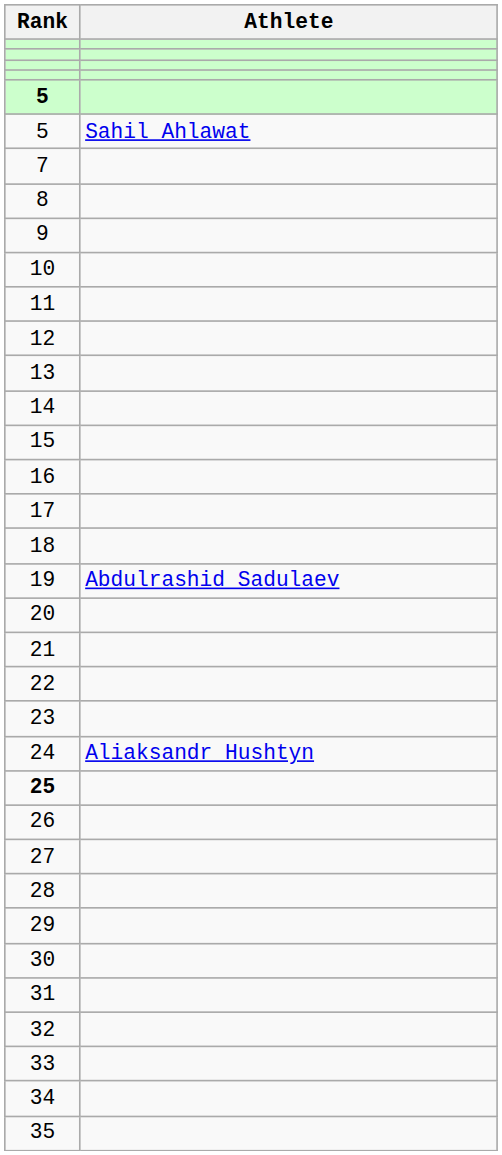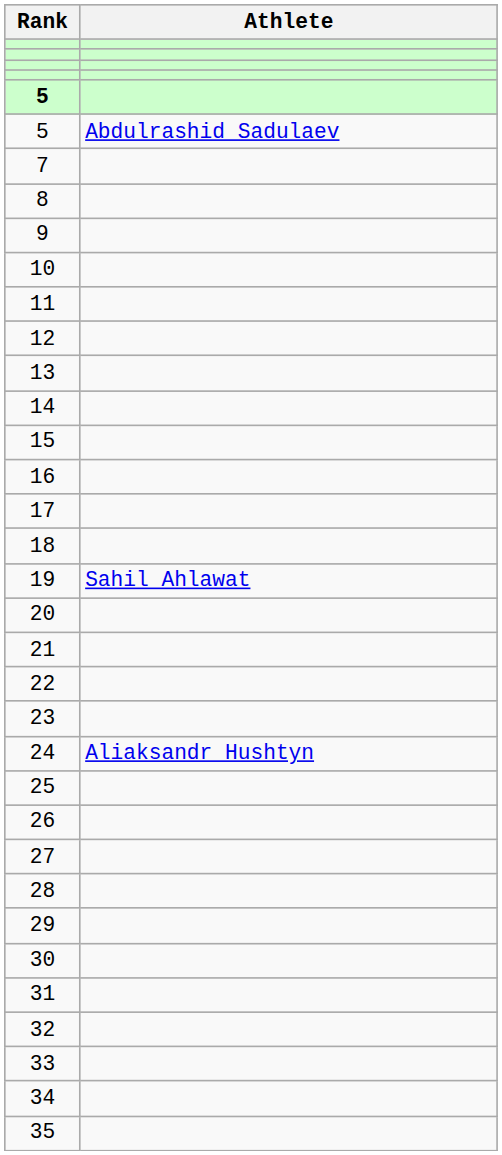 <table class="wikitable" style="text-align: center;">
 <tr>
 <th width=40>Rank</th>
 <th width=250>Athlete</th>
 </tr>
 <tr bgcolor=#ccffcc>
 <td></td>
 <td align="left"></td>
 </tr>
 <tr bgcolor=#ccffcc>
 <td></td>
 <td align="left"></td>
 </tr>
 <tr bgcolor=#ccffcc>
 <td></td>
 <td align="left"></td>
 </tr>
 <tr bgcolor=#ccffcc>
 <td></td>
 <td align="left"></td>
 </tr>
 <tr bgcolor=#ccffcc>
 <td><strong>5</strong></td>
 <td align="left"></td>
 </tr>
 <tr>
 <td>5</td>
-<td align="left"> <a href='#'>Sahil Ahlawat</a> </td>
+<td align="left"> <a href='#'>Abdulrashid Sadulaev</a> </td>
 </tr>
 <tr>
 <td>7</td>
 <td align="left"></td>
 </tr>
 <tr>
 <td>8</td>
 <td align="left"></td>
 </tr>
 <tr>
 <td>9</td>
 <td align="left"></td>
 </tr>
 <tr>
 <td>10</td>
 <td align="left"></td>
 </tr>
 <tr>
 <td>11</td>
 <td align="left"></td>
 </tr>
 <tr>
 <td>12</td>
 <td align="left"></td>
 </tr>
 <tr>
 <td>13</td>
 <td align="left"></td>
 </tr>
 <tr>
 <td>14</td>
 <td align="left"></td>
 </tr>
 <tr>
 <td>15</td>
 <td align="left"></td>
 </tr>
 <tr>
 <td>16</td>
 <td align="left"></td>
 </tr>
 <tr>
 <td>17</td>
 <td align="left"></td>
 </tr>
 <tr>
 <td>18</td>
 <td align="left"></td>
 </tr>
 <tr>
 <td>19</td>
-<td align="left"> <a href='#'>Abdulrashid Sadulaev</a> </td>
+<td align="left"> <a href='#'>Sahil Ahlawat</a> </td>
 </tr>
 <tr>
 <td>20</td>
 <td align="left"></td>
 </tr>
 <tr>
 <td>21</td>
 <td align="left"></td>
 </tr>
 <tr>
 <td>22</td>
 <td align="left"></td>
 </tr>
 <tr>
 <td>23</td>
 <td align="left"></td>
 </tr>
 <tr>
 <td>24</td>
 <td align="left"> <a href='#'>Aliaksandr Hushtyn</a> </td>
 </tr>
 <tr>
-<td><strong>25</strong></td>
+<td>25</td>
 <td align="left"></td>
 </tr>
 <tr>
 <td>26</td>
 <td align="left"></td>
 </tr>
 <tr>
 <td>27</td>
 <td align="left"></td>
 </tr>
 <tr>
 <td>28</td>
 <td align="left"></td>
 </tr>
 <tr>
 <td>29</td>
 <td align="left"></td>
 </tr>
 <tr>
 <td>30</td>
 <td align="left"></td>
 </tr>
 <tr>
 <td>31</td>
 <td align="left"></td>
 </tr>
 <tr>
 <td>32</td>
 <td align="left"></td>
 </tr>
 <tr>
 <td>33</td>
 <td align="left"></td>
 </tr>
 <tr>
 <td>34</td>
 <td align="left"></td>
 </tr>
 <tr>
 <td>35</td>
 <td align="left"></td>
 </tr>
 </table>
